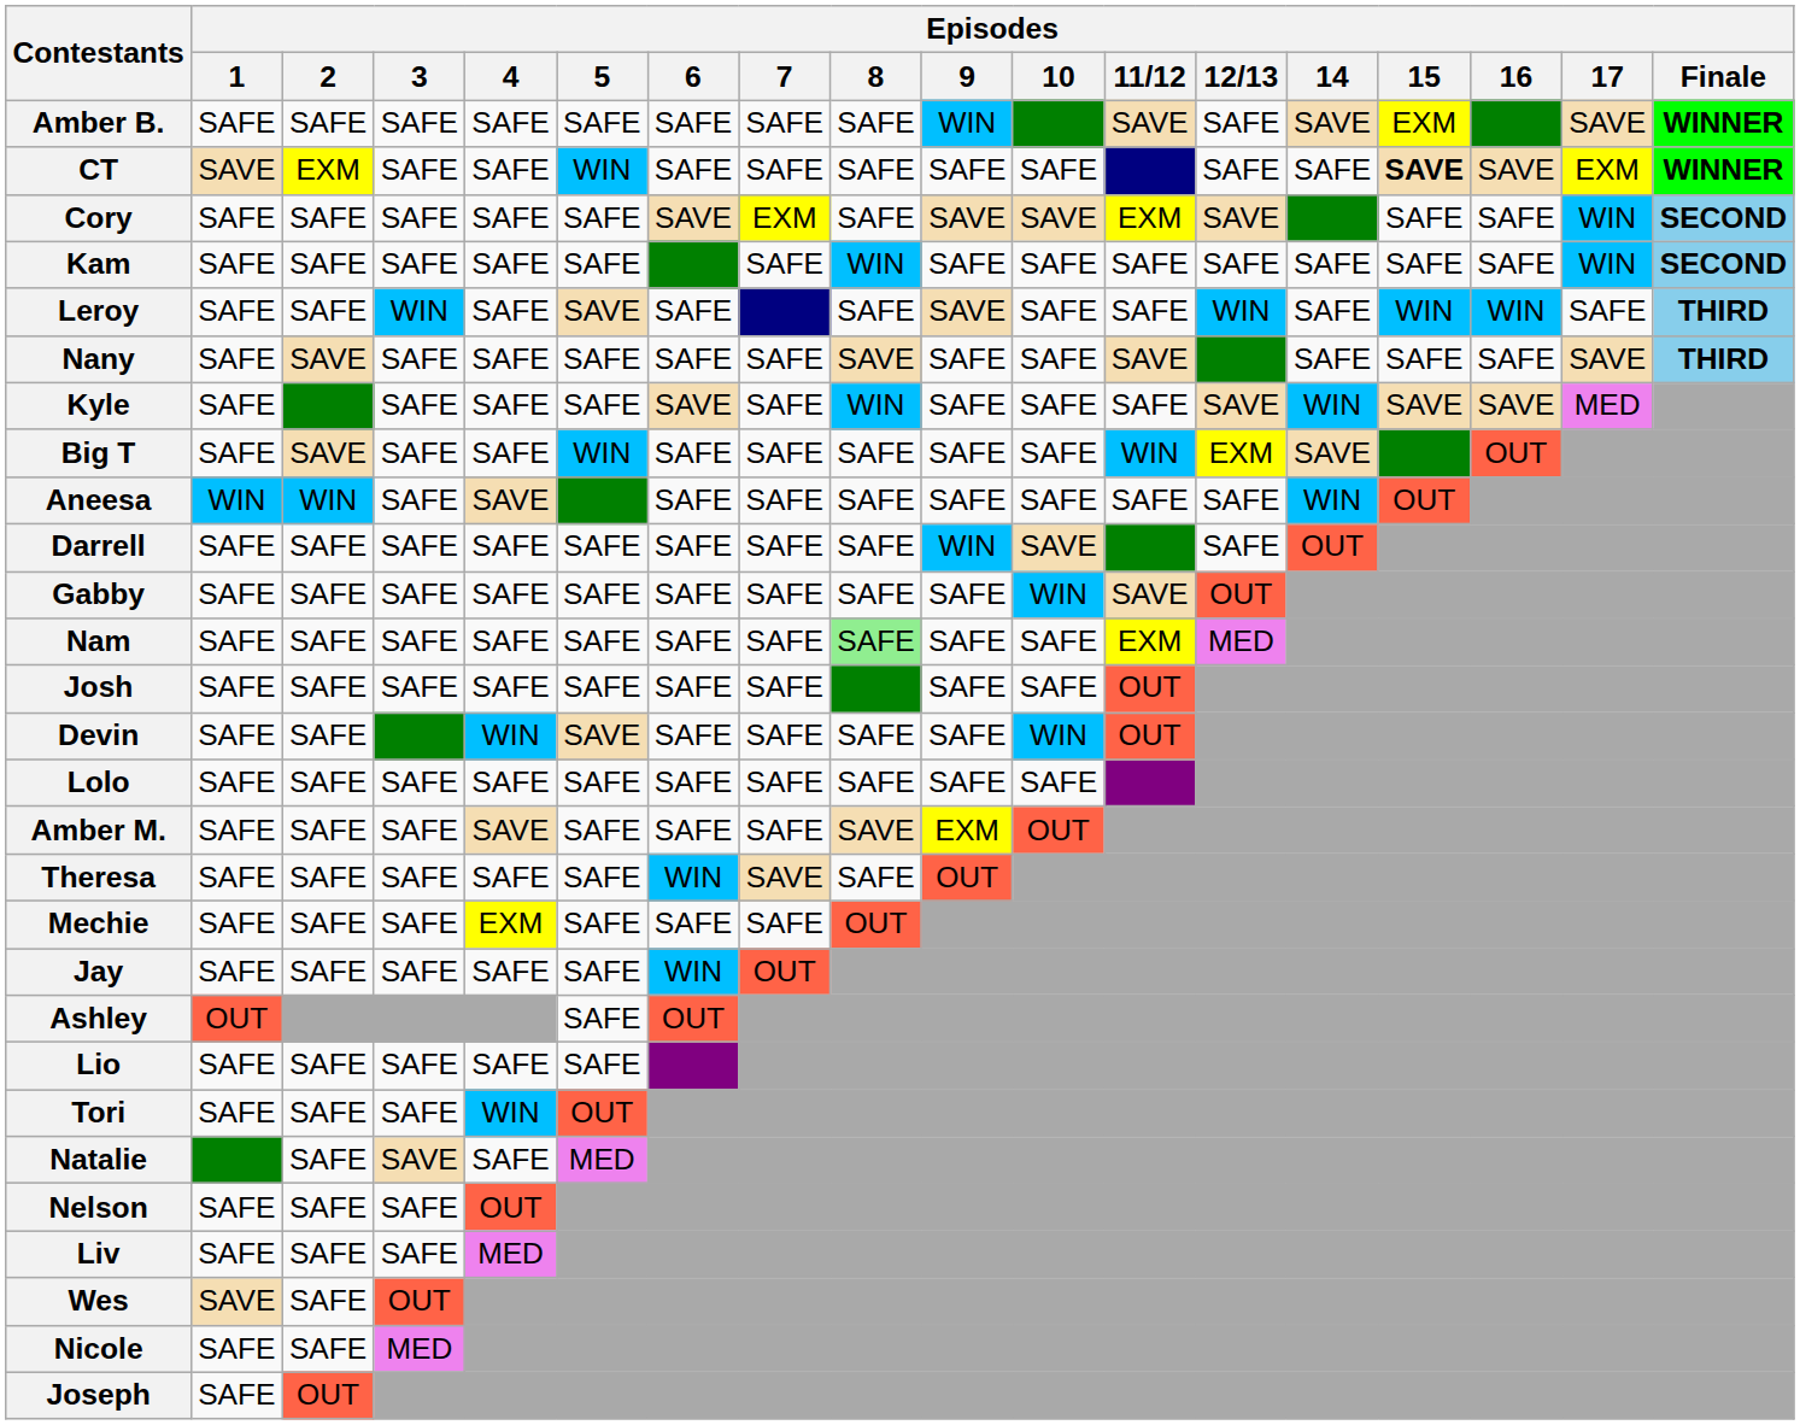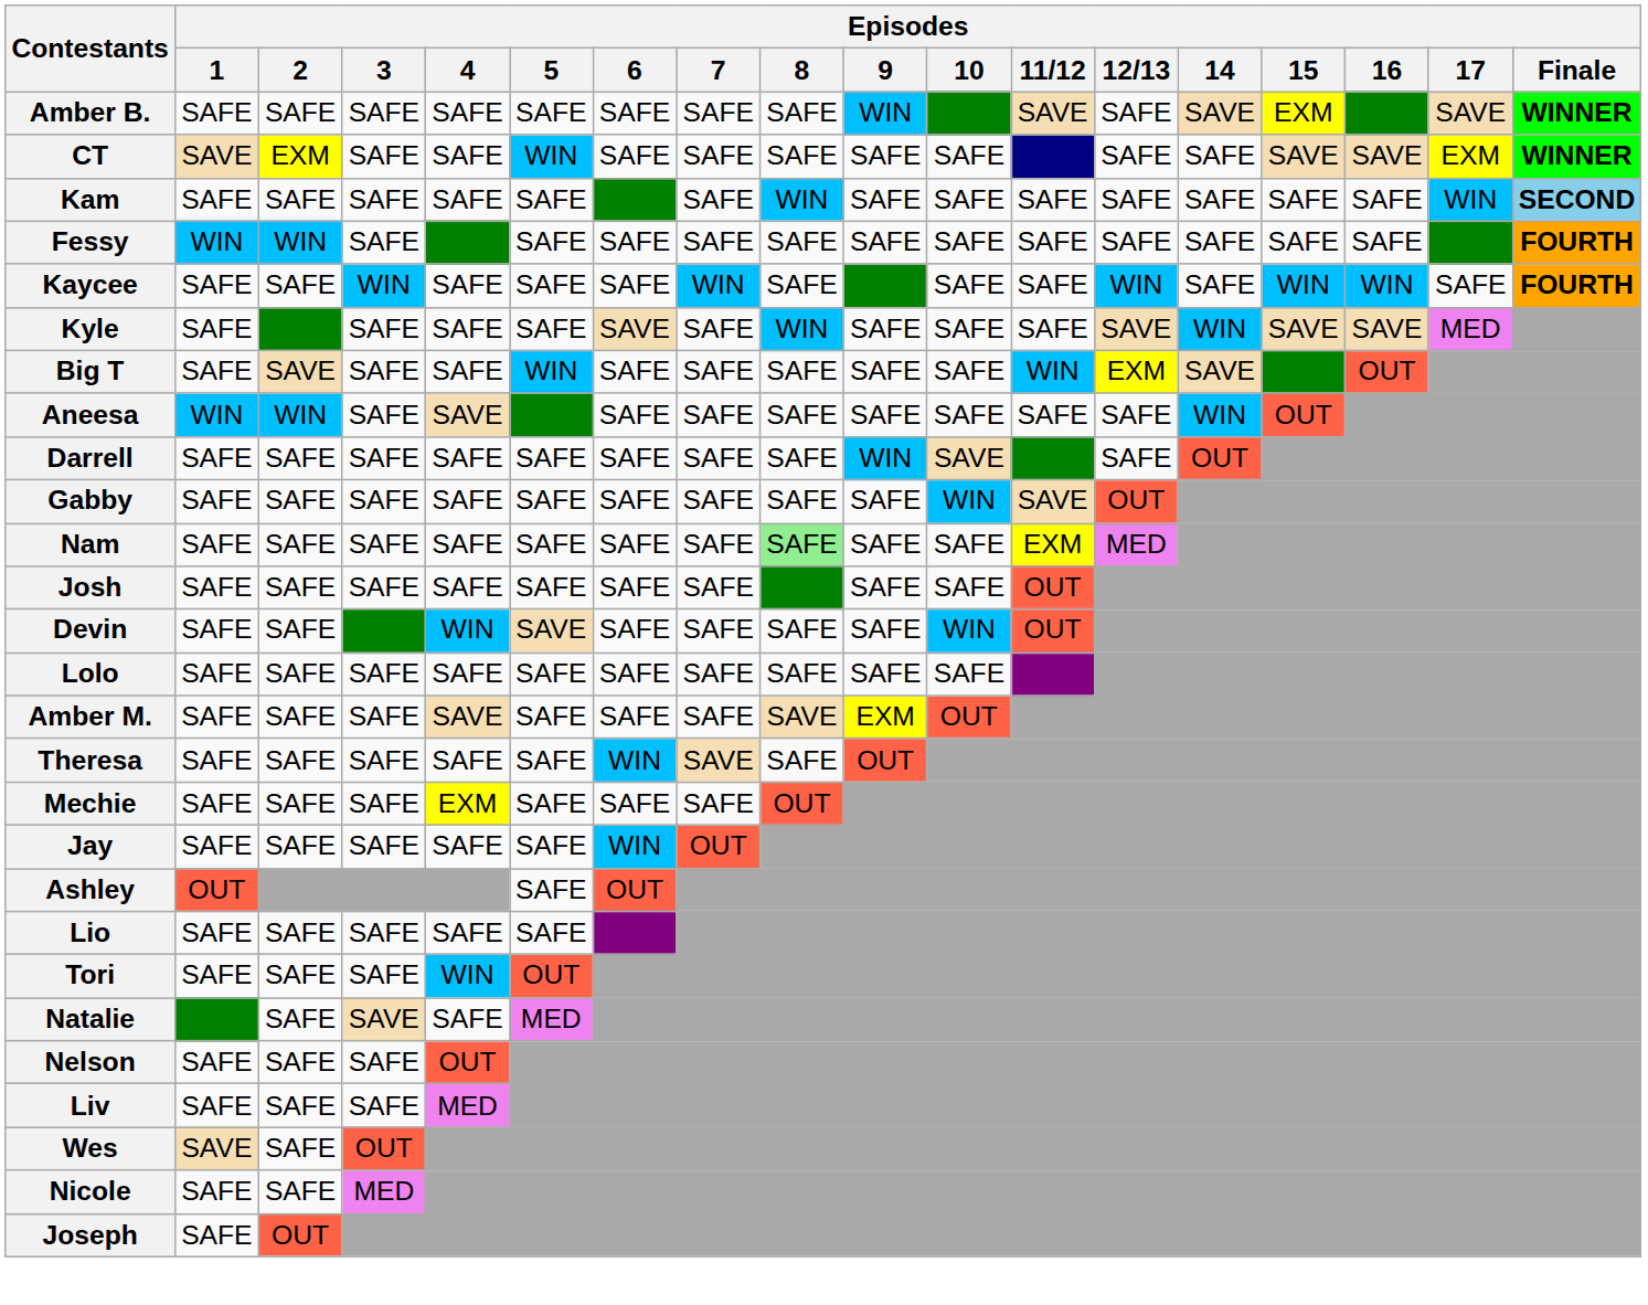 <table class="wikitable" style="text-align:center">
 <tr>
 <th rowspan=2>Contestants</th>
 <th colspan="17">Episodes</th>
 </tr>
 <tr>
 <th>1</th>
 <th>2</th>
 <th>3</th>
 <th>4</th>
 <th>5</th>
 <th>6</th>
 <th>7</th>
 <th>8</th>
 <th>9</th>
 <th>10</th>
 <th>11/12</th>
 <th>12/13</th>
 <th>14</th>
 <th>15</th>
 <th>16</th>
 <th>17</th>
 <th>Finale</th>
 </tr>
 <tr>
 <th>Amber B.</th>
 <td>SAFE</td>
 <td>SAFE</td>
 <td>SAFE</td>
 <td>SAFE</td>
 <td>SAFE</td>
 <td>SAFE</td>
 <td>SAFE</td>
 <td>SAFE</td>
 <td bgcolor="deepskyblue">WIN</td>
 <td bgcolor="green"></td>
 <td bgcolor="wheat">SAVE</td>
 <td>SAFE</td>
 <td bgcolor="wheat">SAVE</td>
 <td bgcolor="yellow">EXM</td>
 <td bgcolor="green"></td>
 <td bgcolor="wheat">SAVE</td>
 <td bgcolor="lime"><strong>WINNER</strong></td>
 </tr>
 <tr>
 <th>CT</th>
 <td bgcolor="wheat">SAVE</td>
 <td bgcolor="Yellow">EXM</td>
 <td>SAFE</td>
 <td>SAFE</td>
 <td bgcolor="deepskyblue">WIN</td>
 <td>SAFE</td>
 <td>SAFE</td>
 <td>SAFE</td>
 <td>SAFE</td>
 <td>SAFE</td>
 <td bgcolor="navy"></td>
 <td>SAFE</td>
 <td>SAFE</td>
-<td bgcolor="wheat"><strong>SAVE</strong></td>
+<td bgcolor="wheat">SAVE</td>
 <td bgcolor="wheat">SAVE</td>
 <td bgcolor="yellow">EXM</td>
 <td bgcolor="lime"><strong>WINNER</strong></td>
-</tr>
-<tr>
-<th>Cory</th>
-<td>SAFE</td>
-<td>SAFE</td>
-<td>SAFE</td>
-<td>SAFE</td>
-<td>SAFE</td>
-<td bgcolor="wheat">SAVE</td>
-<td bgcolor="Yellow">EXM</td>
-<td>SAFE</td>
-<td bgcolor="wheat">SAVE</td>
-<td bgcolor="wheat">SAVE</td>
-<td bgcolor="Yellow">EXM</td>
-<td bgcolor="wheat">SAVE</td>
-<td bgcolor="green"></td>
-<td>SAFE</td>
-<td>SAFE</td>
-<td bgcolor="deepskyblue">WIN</td>
-<td bgcolor="skyblue"><strong>SECOND</strong></td>
 </tr>
 <tr>
 <th>Kam</th>
 <td>SAFE</td>
 <td>SAFE</td>
 <td>SAFE</td>
 <td>SAFE</td>
 <td>SAFE</td>
 <td bgcolor="green"></td>
 <td>SAFE</td>
 <td bgcolor="deepskyblue">WIN</td>
 <td>SAFE</td>
 <td>SAFE</td>
 <td>SAFE</td>
 <td>SAFE</td>
 <td>SAFE</td>
 <td>SAFE</td>
 <td>SAFE</td>
 <td bgcolor="deepskyblue">WIN</td>
 <td bgcolor="skyblue"><strong>SECOND</strong></td>
 </tr>
 <tr>
-<th>Leroy</th>
+<th>Fessy</th>
+<td bgcolor="deepskyblue">WIN</td>
+<td bgcolor="deepskyblue">WIN</td>
+<td>SAFE</td>
+<td bgcolor="green"></td>
+<td>SAFE</td>
+<td>SAFE</td>
+<td>SAFE</td>
+<td>SAFE</td>
+<td>SAFE</td>
+<td>SAFE</td>
+<td>SAFE</td>
+<td>SAFE</td>
+<td>SAFE</td>
+<td>SAFE</td>
+<td>SAFE</td>
+<td bgcolor="green"></td>
+<td bgcolor="orange"><strong>FOURTH</strong></td>
+</tr>
+<tr>
+<th>Kaycee</th>
 <td>SAFE</td>
 <td>SAFE</td>
 <td bgcolor="deepskyblue">WIN</td>
 <td>SAFE</td>
-<td bgcolor="wheat">SAVE</td>
 <td>SAFE</td>
-<td bgcolor="navy"></td>
 <td>SAFE</td>
-<td bgcolor="wheat">SAVE</td>
+<td bgcolor="deepskyblue">WIN</td>
+<td>SAFE</td>
+<td bgcolor="green"></td>
 <td>SAFE</td>
 <td>SAFE</td>
 <td bgcolor="deepskyblue">WIN</td>
 <td>SAFE</td>
 <td bgcolor="deepskyblue">WIN</td>
 <td bgcolor="deepskyblue">WIN</td>
 <td>SAFE</td>
-<td bgcolor="skyblue"><strong>THIRD</strong></td>
-</tr>
-<tr>
-<th>Nany</th>
-<td>SAFE</td>
-<td bgcolor="wheat">SAVE</td>
-<td>SAFE</td>
-<td>SAFE</td>
-<td>SAFE</td>
-<td>SAFE</td>
-<td>SAFE</td>
-<td bgcolor="wheat">SAVE</td>
-<td>SAFE</td>
-<td>SAFE</td>
-<td bgcolor="wheat">SAVE</td>
-<td bgcolor="green"></td>
-<td>SAFE</td>
-<td>SAFE</td>
-<td>SAFE</td>
-<td bgcolor="wheat">SAVE</td>
-<td bgcolor="skyblue"><strong>THIRD</strong></td>
+<td bgcolor="orange"><strong>FOURTH</strong></td>
 </tr>
 <tr>
 <th>Kyle</th>
 <td>SAFE</td>
 <td bgcolor="green"></td>
 <td>SAFE</td>
 <td>SAFE</td>
 <td>SAFE</td>
 <td bgcolor="wheat">SAVE</td>
 <td>SAFE</td>
 <td bgcolor="deepskyblue">WIN</td>
 <td>SAFE</td>
 <td>SAFE</td>
 <td>SAFE</td>
 <td bgcolor="wheat">SAVE</td>
 <td bgcolor="deepskyblue">WIN</td>
 <td bgcolor="wheat">SAVE</td>
 <td bgcolor="wheat">SAVE</td>
 <td bgcolor="violet">MED</td>
 <td bgcolor="darkgray"></td>
 </tr>
 <tr>
 <th>Big T</th>
 <td>SAFE</td>
 <td bgcolor="wheat">SAVE</td>
 <td>SAFE</td>
 <td>SAFE</td>
 <td bgcolor="deepskyblue">WIN</td>
 <td>SAFE</td>
 <td>SAFE</td>
 <td>SAFE</td>
 <td>SAFE</td>
 <td>SAFE</td>
 <td bgcolor="deepskyblue">WIN</td>
 <td bgcolor="Yellow">EXM</td>
 <td bgcolor="wheat">SAVE</td>
 <td bgcolor="green"></td>
 <td bgcolor="tomato">OUT</td>
 <td colspan="2" bgcolor="darkgray"></td>
 </tr>
 <tr>
 <th>Aneesa</th>
 <td bgcolor="deepskyblue">WIN</td>
 <td bgcolor="deepskyblue">WIN</td>
 <td>SAFE</td>
 <td bgcolor="wheat">SAVE</td>
 <td bgcolor="green"></td>
 <td>SAFE</td>
 <td>SAFE</td>
 <td>SAFE</td>
 <td>SAFE</td>
 <td>SAFE</td>
 <td>SAFE</td>
 <td>SAFE</td>
 <td bgcolor="deepskyblue">WIN</td>
 <td bgcolor="tomato">OUT</td>
 <td colspan="3" bgcolor="darkgray"></td>
 </tr>
 <tr>
 <th>Darrell</th>
 <td>SAFE</td>
 <td>SAFE</td>
 <td>SAFE</td>
 <td>SAFE</td>
 <td>SAFE</td>
 <td>SAFE</td>
 <td>SAFE</td>
 <td>SAFE</td>
 <td bgcolor="deepskyblue">WIN</td>
 <td bgcolor="wheat">SAVE</td>
 <td bgcolor="green"></td>
 <td>SAFE</td>
 <td bgcolor="tomato">OUT</td>
 <td colspan="4" bgcolor="darkgray"></td>
 </tr>
 <tr>
 <th>Gabby</th>
 <td>SAFE</td>
 <td>SAFE</td>
 <td>SAFE</td>
 <td>SAFE</td>
 <td>SAFE</td>
 <td>SAFE</td>
 <td>SAFE</td>
 <td>SAFE</td>
 <td>SAFE</td>
 <td bgcolor="deepskyblue">WIN</td>
 <td bgcolor="wheat">SAVE</td>
 <td bgcolor="tomato">OUT</td>
 <td colspan="5" bgcolor="darkgray"></td>
 </tr>
 <tr>
 <th>Nam</th>
 <td>SAFE</td>
 <td>SAFE</td>
 <td>SAFE</td>
 <td>SAFE</td>
 <td>SAFE</td>
 <td>SAFE</td>
 <td>SAFE</td>
 <td style="background: lightgreen;">SAFE</td>
 <td>SAFE</td>
 <td>SAFE</td>
 <td bgcolor="yellow">EXM</td>
 <td bgcolor="violet">MED</td>
 <td colspan="5" bgcolor="darkgray"></td>
 </tr>
 <tr>
 <th>Josh</th>
 <td>SAFE</td>
 <td>SAFE</td>
 <td>SAFE</td>
 <td>SAFE</td>
 <td>SAFE</td>
 <td>SAFE</td>
 <td>SAFE</td>
 <td bgcolor="green"></td>
 <td>SAFE</td>
 <td>SAFE</td>
 <td bgcolor="tomato">OUT</td>
 <td colspan="6" bgcolor="darkgray"></td>
 </tr>
 <tr>
 <th>Devin</th>
 <td>SAFE</td>
 <td>SAFE</td>
 <td bgcolor="green"></td>
 <td bgcolor="deepskyblue">WIN</td>
 <td bgcolor="wheat">SAVE</td>
 <td>SAFE</td>
 <td>SAFE</td>
 <td>SAFE</td>
 <td>SAFE</td>
 <td bgcolor="deepskyblue">WIN</td>
 <td bgcolor="tomato">OUT</td>
 <td colspan="6" bgcolor="darkgray"></td>
 </tr>
 <tr>
 <th>Lolo</th>
 <td>SAFE</td>
 <td>SAFE</td>
 <td>SAFE</td>
 <td>SAFE</td>
 <td>SAFE</td>
 <td>SAFE</td>
 <td>SAFE</td>
 <td>SAFE</td>
 <td>SAFE</td>
 <td>SAFE</td>
 <td bgcolor="purple"></td>
 <td colspan="6" bgcolor="darkgray"></td>
 </tr>
 <tr>
 <th>Amber M.</th>
 <td>SAFE</td>
 <td>SAFE</td>
 <td>SAFE</td>
 <td bgcolor="wheat">SAVE</td>
 <td>SAFE</td>
 <td>SAFE</td>
 <td>SAFE</td>
 <td bgcolor="Wheat">SAVE</td>
 <td bgcolor="Yellow">EXM</td>
 <td bgcolor="tomato">OUT</td>
 <td colspan="7" bgcolor="darkgray"></td>
 </tr>
 <tr>
 <th>Theresa</th>
 <td>SAFE</td>
 <td>SAFE</td>
 <td>SAFE</td>
 <td>SAFE</td>
 <td>SAFE</td>
 <td bgcolor="deepskyblue">WIN</td>
 <td bgcolor="Wheat">SAVE</td>
 <td>SAFE</td>
 <td bgcolor="tomato">OUT</td>
 <td colspan="8" bgcolor="darkgray"></td>
 </tr>
 <tr>
 <th>Mechie</th>
 <td>SAFE</td>
 <td>SAFE</td>
 <td>SAFE</td>
 <td bgcolor="Yellow">EXM</td>
 <td>SAFE</td>
 <td>SAFE</td>
 <td>SAFE</td>
 <td bgcolor="tomato">OUT</td>
 <td colspan="9" bgcolor="darkgray"></td>
 </tr>
 <tr>
 <th>Jay</th>
 <td>SAFE</td>
 <td>SAFE</td>
 <td>SAFE</td>
 <td>SAFE</td>
 <td>SAFE</td>
 <td bgcolor="deepskyblue">WIN</td>
 <td bgcolor="tomato">OUT</td>
 <td colspan="10" bgcolor="darkgray"></td>
 </tr>
 <tr>
 <th>Ashley</th>
 <td bgcolor="tomato">OUT</td>
 <td bgcolor="darkgray" colspan=3></td>
 <td>SAFE</td>
 <td bgcolor="tomato">OUT</td>
 <td colspan="11" bgcolor="darkgray"></td>
 </tr>
 <tr>
 <th>Lio</th>
 <td>SAFE</td>
 <td>SAFE</td>
 <td>SAFE</td>
 <td>SAFE</td>
 <td>SAFE</td>
 <td bgcolor="purple"></td>
 <td colspan="11" bgcolor="darkgray"></td>
 </tr>
 <tr>
 <th>Tori</th>
 <td>SAFE</td>
 <td>SAFE</td>
 <td>SAFE</td>
 <td bgcolor="deepskyblue">WIN</td>
 <td bgcolor="tomato">OUT</td>
 <td colspan="12" bgcolor="darkgray"></td>
 </tr>
 <tr>
 <th>Natalie</th>
 <td bgcolor="green"></td>
 <td>SAFE</td>
 <td bgcolor="wheat">SAVE</td>
 <td>SAFE</td>
 <td bgcolor="violet">MED</td>
 <td colspan="12" bgcolor="darkgray"></td>
 </tr>
 <tr>
 <th>Nelson</th>
 <td>SAFE</td>
 <td>SAFE</td>
 <td>SAFE</td>
 <td bgcolor="tomato">OUT</td>
 <td colspan="13" bgcolor="darkgray"></td>
 </tr>
 <tr>
 <th>Liv</th>
 <td>SAFE</td>
 <td>SAFE</td>
 <td>SAFE</td>
 <td bgcolor="violet">MED</td>
 <td colspan="13" bgcolor="darkgray"></td>
 </tr>
 <tr>
 <th>Wes</th>
 <td bgcolor="wheat">SAVE</td>
 <td>SAFE</td>
 <td bgcolor="tomato">OUT</td>
 <td colspan="14" bgcolor="darkgray"></td>
 </tr>
 <tr>
 <th>Nicole</th>
 <td>SAFE</td>
 <td>SAFE</td>
 <td bgcolor="violet">MED</td>
 <td colspan="14" bgcolor="darkgray"></td>
 </tr>
 <tr>
 <th>Joseph</th>
 <td>SAFE</td>
 <td bgcolor="tomato">OUT</td>
 <td bgcolor="darkgray" colspan=15></td>
 </tr>
 </table>
